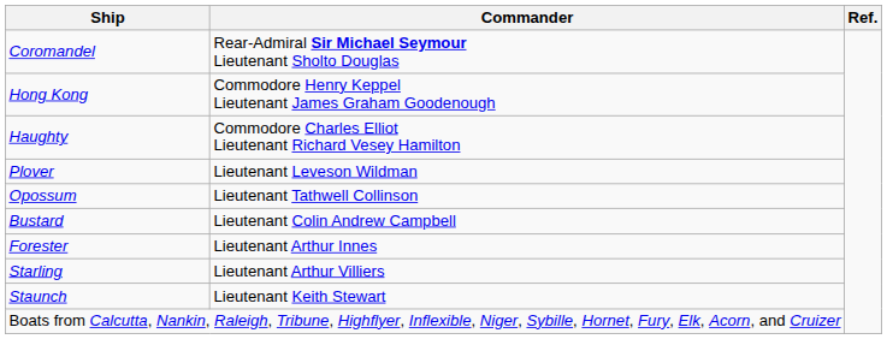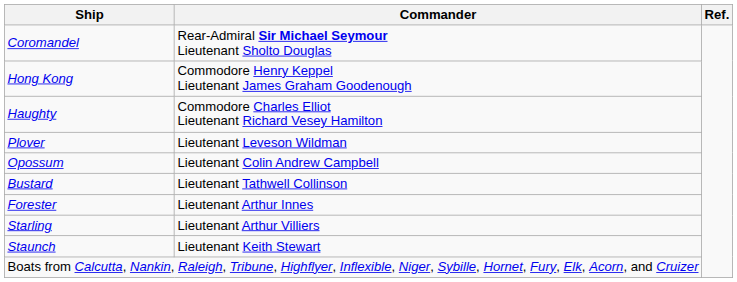 <table class="wikitable">
 <tr>
 <th style="#ffffff;">Ship</th>
 <th style="#ffffff;">Commander</th>
 <th style="#ffffff;">Ref.</th>
 </tr>
 <tr>
 <td><a href='#'><em>Coromandel</em></a></td>
 <td>Rear-Admiral <strong><a href='#'>Sir Michael Seymour</a></strong><br>Lieutenant <a href='#'>Sholto Douglas</a></td>
 <td rowspan=10></td>
 </tr>
 <tr>
 <td><a href='#'><em>Hong Kong</em></a></td>
 <td>Commodore <a href='#'>Henry Keppel</a><br>Lieutenant <a href='#'>James Graham Goodenough</a></td>
 </tr>
 <tr>
 <td><a href='#'><em>Haughty</em></a></td>
 <td>Commodore <a href='#'>Charles Elliot</a><br>Lieutenant <a href='#'>Richard Vesey Hamilton</a></td>
 </tr>
 <tr>
 <td><a href='#'><em>Plover</em></a></td>
 <td>Lieutenant <a href='#'>Leveson Wildman</a></td>
 </tr>
 <tr>
 <td><a href='#'><em>Opossum</em></a></td>
-<td>Lieutenant <a href='#'>Tathwell Collinson</a></td>
+<td>Lieutenant <a href='#'>Colin Andrew Campbell</a></td>
 </tr>
 <tr>
 <td><a href='#'><em>Bustard</em></a></td>
-<td>Lieutenant <a href='#'>Colin Andrew Campbell</a></td>
+<td>Lieutenant <a href='#'>Tathwell Collinson</a></td>
 </tr>
 <tr>
 <td><a href='#'><em>Forester</em></a></td>
 <td>Lieutenant <a href='#'>Arthur Innes</a></td>
 </tr>
 <tr>
 <td><a href='#'><em>Starling</em></a></td>
 <td>Lieutenant <a href='#'>Arthur Villiers</a></td>
 </tr>
 <tr>
 <td><a href='#'><em>Staunch</em></a></td>
 <td>Lieutenant <a href='#'>Keith Stewart</a></td>
 </tr>
 <tr>
 <td colspan=2>Boats from <a href='#'><em>Calcutta</em></a>, <a href='#'><em>Nankin</em></a>, <a href='#'><em>Raleigh</em></a>, <a href='#'><em>Tribune</em></a>, <a href='#'><em>Highflyer</em></a>, <a href='#'><em>Inflexible</em></a>, <a href='#'><em>Niger</em></a>, <a href='#'><em>Sybille</em></a>, <a href='#'><em>Hornet</em></a>, <a href='#'><em>Fury</em></a>, <a href='#'><em>Elk</em></a>, <a href='#'><em>Acorn</em></a>, and <a href='#'><em>Cruizer</em></a></td>
 </tr>
 </table>
